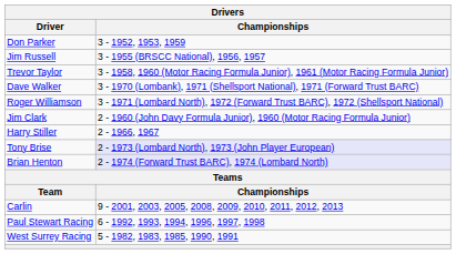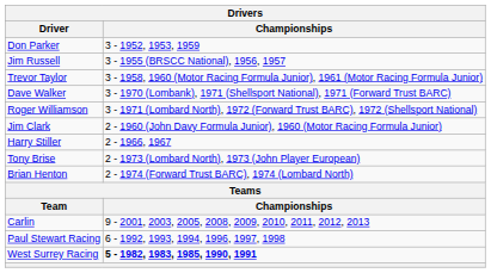 <table class="wikitable" style="font-size:85%;">
 <tr>
 <th colspan="2">Drivers</th>
 </tr>
 <tr>
 <th>Driver</th>
 <th>Championships</th>
 </tr>
 <tr>
 <td> <a href='#'>Don Parker</a></td>
 <td>3 - <a href='#'>1952</a>, <a href='#'>1953</a>, <a href='#'>1959</a></td>
 </tr>
 <tr>
 <td> <a href='#'>Jim Russell</a></td>
 <td>3 - <a href='#'>1955 (BRSCC National)</a>, <a href='#'>1956</a>, <a href='#'>1957</a></td>
 </tr>
 <tr>
 <td> <a href='#'>Trevor Taylor</a></td>
 <td>3 - <a href='#'>1958</a>, <a href='#'>1960 (Motor Racing Formula Junior)</a>, <a href='#'>1961 (Motor Racing Formula Junior)</a></td>
 </tr>
 <tr>
 <td> <a href='#'>Dave Walker</a></td>
 <td>3 - <a href='#'>1970 (Lombank)</a>, <a href='#'>1971 (Shellsport National)</a>, <a href='#'>1971 (Forward Trust BARC)</a></td>
 </tr>
 <tr>
 <td> <a href='#'>Roger Williamson</a></td>
 <td>3 - <a href='#'>1971 (Lombard North)</a>, <a href='#'>1972 (Forward Trust BARC)</a>, <a href='#'>1972 (Shellsport National)</a></td>
 </tr>
 <tr>
 <td> <a href='#'>Jim Clark</a></td>
 <td>2 - <a href='#'>1960 (John Davy Formula Junior)</a>, <a href='#'>1960 (Motor Racing Formula Junior)</a></td>
 </tr>
 <tr>
 <td> <a href='#'>Harry Stiller</a></td>
 <td>2 - <a href='#'>1966</a>, <a href='#'>1967</a></td>
 </tr>
 <tr>
 <td> <a href='#'>Tony Brise</a></td>
-<td style="background: lavender;">2 - <a href='#'>1973 (Lombard North)</a>, <a href='#'>1973 (John Player European)</a></td>
+<td>2 - <a href='#'>1973 (Lombard North)</a>, <a href='#'>1973 (John Player European)</a></td>
 </tr>
 <tr>
 <td> <a href='#'>Brian Henton</a></td>
-<td style="background: lavender;">2 - <a href='#'>1974 (Forward Trust BARC)</a>, <a href='#'>1974 (Lombard North)</a></td>
+<td>2 - <a href='#'>1974 (Forward Trust BARC)</a>, <a href='#'>1974 (Lombard North)</a></td>
 </tr>
 <tr>
 <th colspan="2">Teams</th>
 </tr>
 <tr>
 <th>Team</th>
 <th>Championships</th>
 </tr>
 <tr>
 <td> <a href='#'>Carlin</a></td>
 <td>9 - <a href='#'>2001</a>, <a href='#'>2003</a>, <a href='#'>2005</a>, <a href='#'>2008</a>, <a href='#'>2009</a>, <a href='#'>2010</a>, <a href='#'>2011</a>, <a href='#'>2012</a>, <a href='#'>2013</a></td>
 </tr>
 <tr>
 <td> <a href='#'>Paul Stewart Racing</a></td>
 <td>6 - <a href='#'>1992</a>, <a href='#'>1993</a>, <a href='#'>1994</a>, <a href='#'>1996</a>, <a href='#'>1997</a>, <a href='#'>1998</a></td>
 </tr>
 <tr>
 <td> <a href='#'>West Surrey Racing</a></td>
-<td>5 - <a href='#'>1982</a>, <a href='#'>1983</a>, <a href='#'>1985</a>, <a href='#'>1990</a>, <a href='#'>1991</a></td>
+<td><strong>5 - <a href='#'>1982</a>, <a href='#'>1983</a>, <a href='#'>1985</a>, <a href='#'>1990</a>, <a href='#'>1991</a></strong></td>
 </tr>
 <tr>
 <th colspan="3"></th>
 </tr>
 </table>
